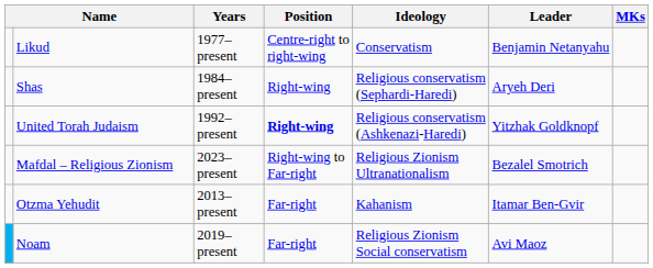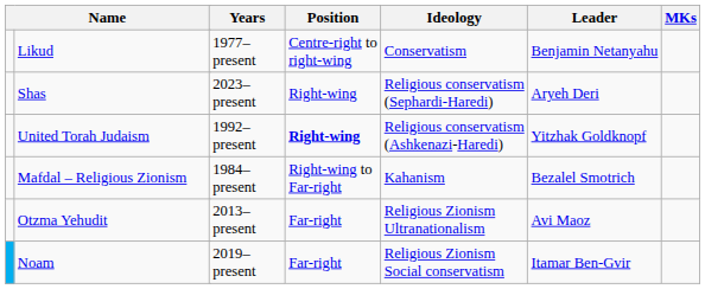 <table class="wikitable" style="font-size:95%;">
 <tr>
 <th colspan="3" style="width:200px">Name</th>
 <th style="width:70px">Years</th>
 <th style="width:90px">Position</th>
 <th>Ideology</th>
 <th>Leader</th>
 <th><a href='#'>MKs</a></th>
 </tr>
 <tr>
 <td style="width:2px;background:"></td>
 <td colspan = 2><a href='#'>Likud</a></td>
 <td>1977–present</td>
 <td><a href='#'>Centre-right</a> to <a href='#'>right-wing</a></td>
 <td><a href='#'>Conservatism</a></td>
 <td><a href='#'>Benjamin Netanyahu</a></td>
 <td></td>
 </tr>
 <tr>
 <td style="width:2px;background:"></td>
 <td colspan = 2><a href='#'>Shas</a></td>
-<td>1984–present</td>
+<td>2023–present</td>
 <td><a href='#'>Right-wing</a></td>
 <td><a href='#'>Religious conservatism</a><br>(<a href='#'>Sephardi-Haredi</a>)</td>
 <td><a href='#'>Aryeh Deri</a></td>
 <td></td>
 </tr>
 <tr>
 <td style="width:2px;background:"></td>
 <td colspan = 2><a href='#'>United Torah Judaism</a></td>
 <td>1992–present</td>
 <td><strong><a href='#'>Right-wing</a></strong></td>
 <td><a href='#'>Religious conservatism</a><br>(<a href='#'>Ashkenazi</a>-<a href='#'>Haredi</a>)</td>
 <td><a href='#'>Yitzhak Goldknopf</a></td>
 <td></td>
 </tr>
 <tr>
 <td style="width:2px;background:"></td>
 <td colspan = 2><a href='#'>Mafdal – Religious Zionism</a></td>
-<td>2023–present</td>
+<td>1984–present</td>
 <td><a href='#'>Right-wing</a> to <a href='#'>Far-right</a></td>
-<td><a href='#'>Religious Zionism</a><br><a href='#'>Ultranationalism</a></td>
+<td><a href='#'>Kahanism</a></td>
 <td><a href='#'>Bezalel Smotrich</a></td>
 <td></td>
 </tr>
 <tr>
 <td style="width:2px;background:"></td>
 <td colspan = 2><a href='#'>Otzma Yehudit</a></td>
 <td>2013–present</td>
 <td><a href='#'>Far-right</a></td>
-<td><a href='#'>Kahanism</a></td>
-<td><a href='#'>Itamar Ben-Gvir</a></td>
+<td><a href='#'>Religious Zionism</a><br><a href='#'>Ultranationalism</a></td>
+<td><a href='#'>Avi Maoz</a></td>
 <td></td>
 </tr>
 <tr>
 <td style="width:2px;background:#01AFF0;"></td>
 <td colspan = 2><a href='#'>Noam</a></td>
 <td>2019–present</td>
 <td><a href='#'>Far-right</a></td>
 <td><a href='#'>Religious Zionism</a><br><a href='#'>Social conservatism</a></td>
-<td><a href='#'>Avi Maoz</a></td>
+<td><a href='#'>Itamar Ben-Gvir</a></td>
 <td></td>
 </tr>
 </table>
